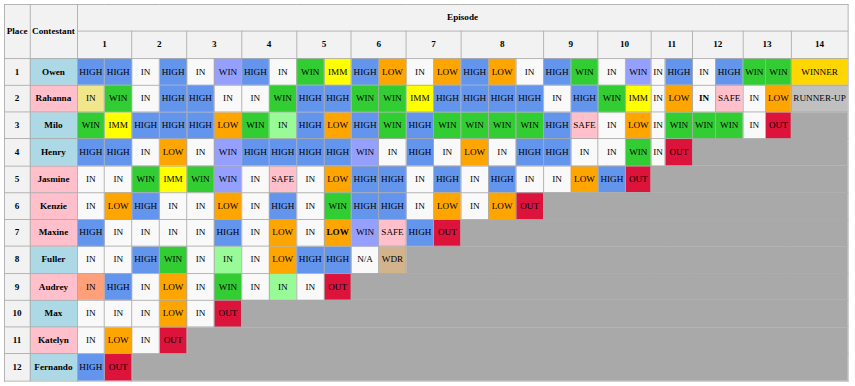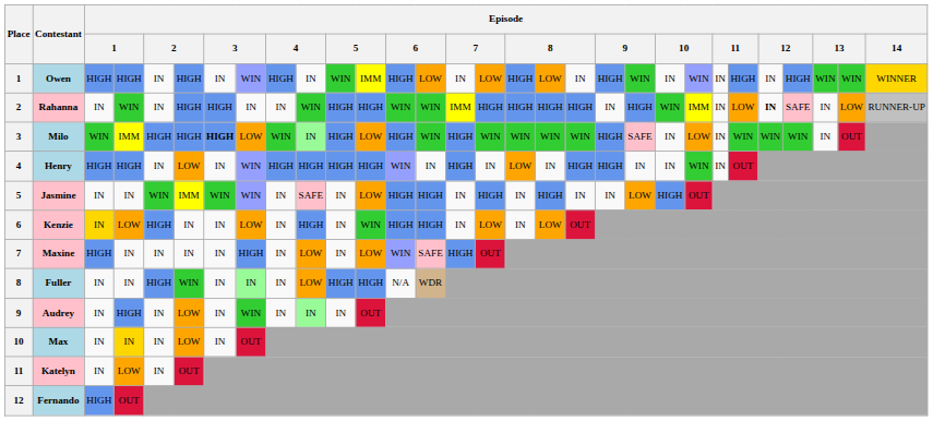 <table class="wikitable" style="text-align: center; font-size: 8pt; line-height:26px;">
 <tr>
 <th rowspan="2">Place</th>
 <th rowspan="2">Contestant</th>
 <th colspan="28">Episode</th>
 </tr>
 <tr>
 <th colspan="2">1</th>
 <th colspan="2">2</th>
 <th colspan="2">3 </th>
 <th colspan="2">4</th>
 <th colspan="2">5 </th>
 <th colspan="2">6 </th>
 <th colspan="2">7</th>
 <th colspan="3">8 </th>
 <th colspan="2">9</th>
 <th colspan="2">10 </th>
 <th colspan="2">11</th>
 <th colspan="2">12</th>
 <th colspan="2">13</th>
 <th>14</th>
 </tr>
 <tr>
 <th>1</th>
 <th style="background:lightblue;">Owen</th>
 <td style="background:cornflowerblue">HIGH</td>
 <td style="background:cornflowerblue;">HIGH</td>
 <td>IN</td>
 <td style="background:cornflowerblue;">HIGH</td>
 <td>IN</td>
 <td style="background:#959FFD;">WIN</td>
 <td style="background:cornflowerblue;">HIGH</td>
 <td>IN</td>
 <td style="background:limegreen;">WIN</td>
 <td style="background:yellow;">IMM</td>
 <td style="background:cornflowerblue;">HIGH</td>
 <td style="background:orange;">LOW</td>
 <td>IN</td>
 <td style="background:orange;">LOW</td>
 <td style="background:cornflowerblue;">HIGH</td>
 <td style="background:orange;">LOW</td>
 <td>IN</td>
 <td style="background:cornflowerblue;">HIGH</td>
 <td style="background:limegreen;">WIN</td>
 <td>IN</td>
 <td style="background:#959FFD;">WIN</td>
 <td>IN</td>
 <td style="background:cornflowerblue;">HIGH</td>
 <td>IN</td>
 <td style="background:cornflowerblue;">HIGH</td>
 <td style="background:limegreen;">WIN</td>
 <td style="background:limegreen;">WIN</td>
 <td style="background:gold;">WINNER</td>
 </tr>
 <tr>
 <th>2</th>
 <th style="background:pink;">Rahanna</th>
-<td style="background: khaki;">IN</td>
+<td>IN</td>
 <td style="background:limegreen;">WIN</td>
 <td>IN</td>
 <td style="background:cornflowerblue;">HIGH</td>
 <td style="background:cornflowerblue;">HIGH</td>
 <td>IN</td>
 <td>IN</td>
 <td style="background:limegreen;">WIN</td>
 <td style="background:cornflowerblue;">HIGH</td>
 <td style="background:cornflowerblue;">HIGH</td>
 <td style="background:limegreen;">WIN</td>
 <td style="background:limegreen;">WIN</td>
 <td style="background:yellow;">IMM</td>
 <td style="background:cornflowerblue;">HIGH</td>
 <td style="background:cornflowerblue;">HIGH</td>
 <td style="background:cornflowerblue;">HIGH</td>
 <td style="background:cornflowerblue;">HIGH</td>
 <td>IN</td>
 <td style="background:cornflowerblue;">HIGH</td>
 <td style="background:limegreen;">WIN</td>
 <td style="background:yellow;">IMM</td>
 <td>IN</td>
 <td style="background:orange;">LOW</td>
 <td><strong>IN</strong></td>
 <td style="background:pink;">SAFE</td>
 <td>IN</td>
 <td style="background:orange;">LOW</td>
 <td style="background:silver;">RUNNER-UP</td>
 </tr>
 <tr>
 <th>3</th>
 <th style="background:lightblue;">Milo</th>
 <td style="background:limegreen;">WIN</td>
 <td style="background:yellow;">IMM</td>
 <td style="background:cornflowerblue;">HIGH</td>
 <td style="background:cornflowerblue;">HIGH</td>
-<td style="background:cornflowerblue;">HIGH</td>
+<td style="background:cornflowerblue;"><strong>HIGH</strong></td>
 <td style="background:orange;">LOW</td>
 <td style="background:limegreen;">WIN</td>
 <td style="background:palegreen;">IN</td>
 <td style="background:cornflowerblue;">HIGH</td>
 <td style="background:orange;">LOW</td>
 <td style="background:cornflowerblue;">HIGH</td>
 <td style="background:limegreen;">WIN</td>
 <td style="background:cornflowerblue;">HIGH</td>
 <td style="background:limegreen;">WIN</td>
 <td style="background:limegreen;">WIN</td>
 <td style="background:limegreen;">WIN</td>
 <td style="background:limegreen;">WIN</td>
 <td style="background:cornflowerblue;">HIGH</td>
 <td style="background:pink;">SAFE</td>
 <td>IN</td>
 <td style="background:orange;">LOW</td>
 <td>IN</td>
 <td style="background:limegreen;">WIN</td>
 <td style="background:limegreen;">WIN</td>
 <td style="background:limegreen;">WIN</td>
 <td>IN</td>
 <td style="background:crimson;">OUT</td>
 <td style="background:darkgrey;"></td>
 </tr>
 <tr>
 <th>4</th>
 <th style="background:lightblue;">Henry</th>
 <td style="background:cornflowerblue;">HIGH</td>
 <td style="background:cornflowerblue;">HIGH</td>
 <td>IN</td>
 <td style="background:orange;">LOW</td>
 <td>IN</td>
 <td style="background:#959FFD;">WIN</td>
 <td style="background:cornflowerblue;">HIGH</td>
 <td style="background:cornflowerblue;">HIGH</td>
 <td style="background:cornflowerblue;">HIGH</td>
 <td style="background:cornflowerblue;">HIGH</td>
 <td style="background:#959FFD;">WIN</td>
 <td>IN</td>
 <td style="background:cornflowerblue;">HIGH</td>
 <td>IN</td>
 <td style="background:orange;">LOW</td>
 <td>IN</td>
 <td style="background:cornflowerblue;">HIGH</td>
 <td style="background:cornflowerblue;">HIGH</td>
 <td>IN</td>
 <td>IN</td>
 <td style="background:limegreen;">WIN</td>
 <td>IN</td>
 <td style="background:crimson;">OUT</td>
 <td colspan="6" style="background:darkgrey;"></td>
 </tr>
 <tr>
 <th>5</th>
 <th style="background:pink;">Jasmine</th>
 <td>IN</td>
 <td>IN</td>
 <td style="background:limegreen;">WIN</td>
 <td style="background:yellow;">IMM</td>
 <td style="background:limegreen;">WIN</td>
 <td style="background:#959FFD;">WIN</td>
 <td>IN</td>
 <td style="background:pink;">SAFE</td>
 <td>IN</td>
 <td style="background:orange;">LOW</td>
 <td style="background:cornflowerblue;">HIGH</td>
 <td style="background:cornflowerblue;">HIGH</td>
 <td>IN</td>
 <td style="background:cornflowerblue;">HIGH</td>
 <td>IN</td>
 <td style="background:cornflowerblue;">HIGH</td>
 <td>IN</td>
 <td>IN</td>
 <td style="background:orange;">LOW</td>
 <td style="background:cornflowerblue;">HIGH</td>
 <td style="background:crimson;">OUT</td>
 <td colspan="7" style="background:darkgrey;"></td>
 </tr>
 <tr>
 <th>6</th>
 <th style="background:pink;">Kenzie</th>
-<td>IN</td>
+<td style="background: gold;">IN</td>
 <td style="background:orange;">LOW</td>
 <td style="background:cornflowerblue;">HIGH</td>
 <td>IN</td>
 <td>IN</td>
 <td style="background:orange;">LOW</td>
 <td>IN</td>
 <td style="background:cornflowerblue;">HIGH</td>
 <td>IN</td>
 <td style="background:limegreen;">WIN</td>
 <td style="background:cornflowerblue;">HIGH</td>
 <td style="background:cornflowerblue;">HIGH</td>
 <td>IN</td>
 <td style="background:orange;">LOW</td>
 <td>IN</td>
 <td style="background:orange;">LOW</td>
 <td style="background:crimson;">OUT</td>
 <td colspan="11" style="background:darkgrey;"></td>
 </tr>
 <tr>
 <th>7</th>
 <th style="background:pink;">Maxine</th>
 <td style="background:cornflowerblue;">HIGH</td>
 <td>IN</td>
 <td>IN</td>
 <td>IN</td>
 <td>IN</td>
 <td style="background:cornflowerblue;">HIGH</td>
 <td>IN</td>
 <td style="background:orange;">LOW</td>
 <td>IN</td>
-<td style="background:orange;"><strong>LOW</strong></td>
+<td style="background:orange;">LOW</td>
 <td style="background:#959FFD;">WIN</td>
 <td style="background:pink;">SAFE</td>
 <td style="background:cornflowerblue;">HIGH</td>
 <td style="background:crimson;">OUT</td>
 <td colspan="14" style="background:darkgrey;"></td>
 </tr>
 <tr>
 <th>8</th>
 <th style="background:lightblue;">Fuller</th>
 <td>IN</td>
 <td>IN</td>
 <td style="background:cornflowerblue;">HIGH</td>
 <td style="background:limegreen;">WIN</td>
 <td>IN</td>
 <td style="background:palegreen;">IN</td>
 <td>IN</td>
 <td style="background:orange;">LOW</td>
 <td style="background:cornflowerblue;">HIGH</td>
 <td style="background:cornflowerblue;">HIGH</td>
 <td>N/A</td>
 <td style="background:tan;">WDR</td>
 <td colspan="16" style="background:darkgrey;"></td>
 </tr>
 <tr>
 <th>9</th>
 <th style="background:pink;">Audrey</th>
-<td style="background: lightsalmon;">IN</td>
+<td>IN</td>
 <td style="background:cornflowerblue;">HIGH</td>
 <td>IN</td>
 <td style="background:orange;">LOW</td>
 <td>IN</td>
 <td style="background:limegreen;">WIN</td>
 <td>IN</td>
 <td style="background:palegreen;">IN</td>
 <td>IN</td>
 <td style="background:crimson;">OUT</td>
 <td colspan="18" style="background:darkgrey;"></td>
 </tr>
 <tr>
 <th>10</th>
 <th style="background:lightblue;">Max</th>
 <td>IN</td>
-<td>IN</td>
+<td style="background: gold;">IN</td>
 <td>IN</td>
 <td style="background:orange;">LOW</td>
 <td>IN</td>
 <td style="background:crimson;">OUT</td>
 <td colspan="22" style="background:darkgrey;"></td>
 </tr>
 <tr>
 <th>11</th>
 <th style="background:pink;">Katelyn</th>
 <td>IN</td>
 <td style="background:orange;">LOW</td>
 <td>IN</td>
 <td style="background:crimson;">OUT</td>
 <td colspan="24" style="background:darkgrey;"></td>
 </tr>
 <tr>
 <th>12</th>
 <th style="background:lightblue;">Fernando</th>
 <td style="background:cornflowerblue;">HIGH</td>
 <td style="background:crimson;">OUT</td>
 <td colspan="26" style="background:darkgrey;"></td>
 </tr>
 </table>
